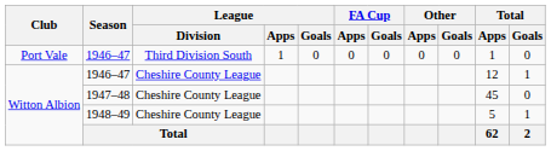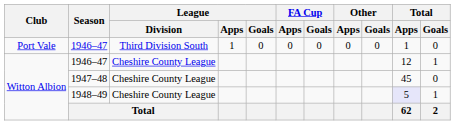 <table class="wikitable" style="text-align:center">
 <tr>
 <th rowspan="2">Club</th>
 <th rowspan="2">Season</th>
 <th colspan="3">League</th>
 <th colspan="2"><a href='#'>FA Cup</a></th>
 <th colspan="2">Other</th>
 <th colspan="2">Total</th>
 </tr>
 <tr>
 <th>Division</th>
 <th>Apps</th>
 <th>Goals</th>
 <th>Apps</th>
 <th>Goals</th>
 <th>Apps</th>
 <th>Goals</th>
 <th>Apps</th>
 <th>Goals</th>
 </tr>
 <tr>
 <td><a href='#'>Port Vale</a></td>
 <td><a href='#'>1946–47</a></td>
 <td><a href='#'>Third Division South</a></td>
 <td>1</td>
 <td>0</td>
 <td>0</td>
 <td>0</td>
 <td>0</td>
 <td>0</td>
 <td>1</td>
 <td>0</td>
 </tr>
 <tr>
 <td rowspan="4"><a href='#'>Witton Albion</a></td>
 <td>1946–47</td>
 <td><a href='#'>Cheshire County League</a></td>
 <td></td>
 <td></td>
 <td></td>
 <td></td>
 <td></td>
 <td></td>
 <td>12</td>
 <td>1</td>
 </tr>
 <tr>
 <td>1947–48</td>
 <td>Cheshire County League</td>
 <td></td>
 <td></td>
 <td></td>
 <td></td>
 <td></td>
 <td></td>
 <td>45</td>
 <td>0</td>
 </tr>
 <tr>
 <td>1948–49</td>
 <td>Cheshire County League</td>
 <td></td>
 <td></td>
 <td></td>
 <td></td>
 <td></td>
 <td></td>
-<td>5</td>
+<td style="background: lavender;">5</td>
 <td>1</td>
 </tr>
 <tr>
 <th colspan="2">Total</th>
 <th></th>
 <th></th>
 <th></th>
 <th></th>
 <th></th>
 <th></th>
 <th>62</th>
 <th>2</th>
 </tr>
 </table>
